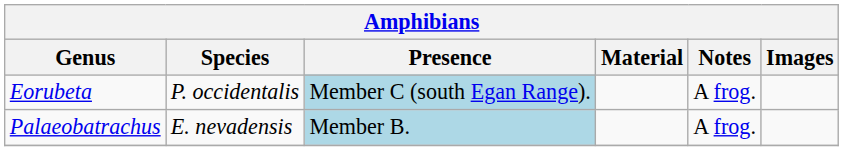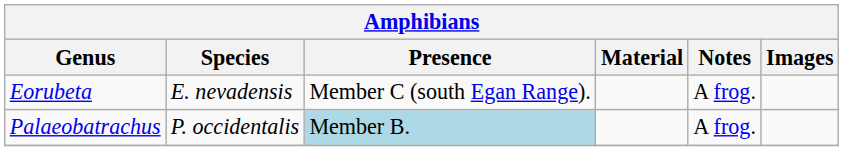 <table class="wikitable" align="center">
 <tr>
 <th colspan="6" align="center"><strong><a href='#'>Amphibians</a></strong></th>
 </tr>
 <tr>
 <th>Genus</th>
 <th>Species</th>
 <th>Presence</th>
 <th><strong>Material</strong></th>
 <th>Notes</th>
 <th>Images</th>
 </tr>
 <tr>
 <td><em><a href='#'>Eorubeta</a></em></td>
-<td><em>P. occidentalis</em></td>
-<td style="background: lightblue;">Member C (south <a href='#'>Egan Range</a>).</td>
+<td><em>E. nevadensis</em></td>
+<td>Member C (south <a href='#'>Egan Range</a>).</td>
 <td></td>
 <td>A <a href='#'>frog</a>.</td>
 <td></td>
 </tr>
 <tr>
 <td><em><a href='#'>Palaeobatrachus</a></em></td>
-<td><em>E. nevadensis</em></td>
+<td><em>P. occidentalis</em></td>
 <td style="background: lightblue;">Member B.</td>
 <td></td>
 <td>A <a href='#'>frog</a>.</td>
 <td></td>
 </tr>
 <tr>
 </tr>
 </table>
